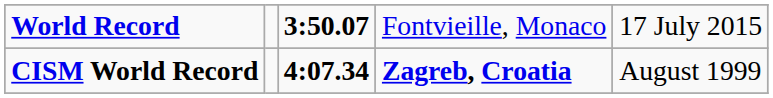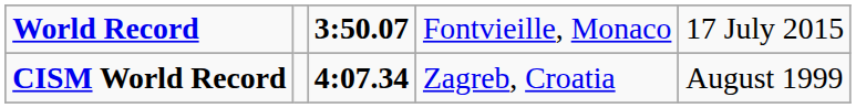 <table class="wikitable">
 <tr>
 <td><strong><a href='#'>World Record</a></strong></td>
 <td></td>
 <td><strong>3:50.07</strong></td>
 <td><a href='#'>Fontvieille</a>, <a href='#'>Monaco</a></td>
 <td>17 July 2015</td>
 </tr>
 <tr>
 <td><strong><a href='#'>CISM</a> World Record</strong></td>
 <td></td>
 <td><strong>4:07.34</strong></td>
-<td><strong><a href='#'>Zagreb</a>, <a href='#'>Croatia</a></strong></td>
+<td><a href='#'>Zagreb</a>, <a href='#'>Croatia</a></td>
 <td>August 1999</td>
 </tr>
 </table>
